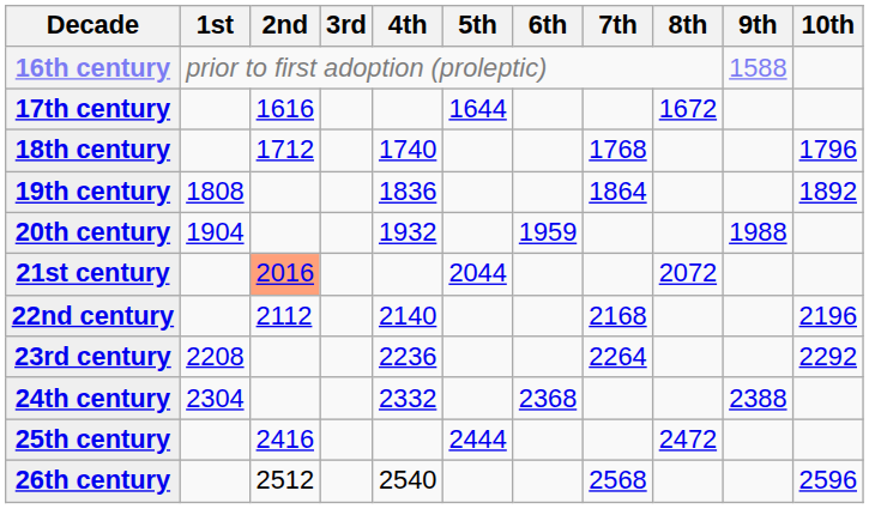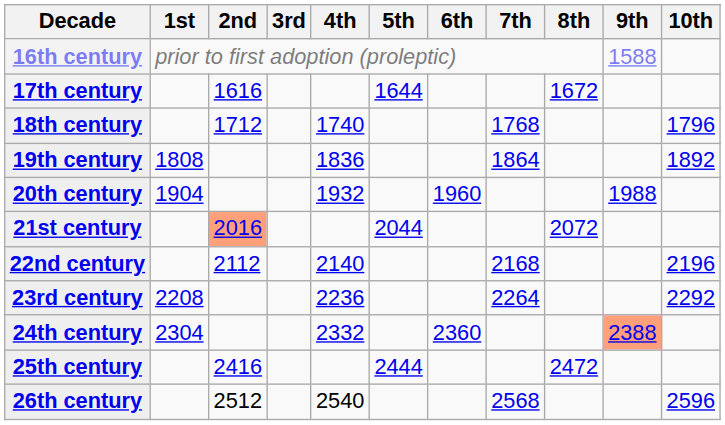 <table class="wikitable">
 <tr>
 <th scope=row>Decade</th>
 <th>1st</th>
 <th>2nd</th>
 <th>3rd</th>
 <th>4th</th>
 <th>5th</th>
 <th>6th</th>
 <th>7th</th>
 <th>8th</th>
 <th>9th</th>
 <th>10th</th>
 </tr>
 <tr style="opacity: 0.5;">
 <th style="background-color:#efefef;"><a href='#'>16th century</a></th>
 <td colspan="8"><em>prior to first adoption (proleptic)</em></td>
 <td><a href='#'>1588</a></td>
 <td></td>
 </tr>
 <tr>
 <th><a href='#'>17th century</a></th>
 <td></td>
 <td><a href='#'>1616</a></td>
 <td></td>
 <td></td>
 <td><a href='#'>1644</a></td>
 <td></td>
 <td></td>
 <td><a href='#'>1672</a></td>
 <td></td>
 <td></td>
 </tr>
 <tr>
 <th style="background-color:#efefef;"><a href='#'>18th century</a></th>
 <td></td>
 <td><a href='#'>1712</a></td>
 <td></td>
 <td><a href='#'>1740</a></td>
 <td></td>
 <td></td>
 <td><a href='#'>1768</a></td>
 <td></td>
 <td></td>
 <td><a href='#'>1796</a></td>
 </tr>
 <tr>
 <th style="background-color:#efefef;"><a href='#'>19th century</a></th>
 <td><a href='#'>1808</a></td>
 <td></td>
 <td></td>
 <td><a href='#'>1836</a></td>
 <td></td>
 <td></td>
 <td><a href='#'>1864</a></td>
 <td></td>
 <td></td>
 <td><a href='#'>1892</a></td>
 </tr>
 <tr>
 <th style="background-color:#efefef;"><a href='#'>20th century</a></th>
 <td><a href='#'>1904</a></td>
 <td></td>
 <td></td>
 <td><a href='#'>1932</a></td>
 <td></td>
-<td><a href='#'>1959</a></td>
+<td><a href='#'>1960</a></td>
 <td></td>
 <td></td>
 <td><a href='#'>1988</a></td>
 <td></td>
 </tr>
 <tr>
 <th style="background-color:#efefef;"><a href='#'>21st century</a></th>
 <td></td>
 <td style="background: lightsalmon;"><a href='#'>2016</a></td>
 <td></td>
 <td></td>
 <td><a href='#'>2044</a></td>
 <td></td>
 <td></td>
 <td><a href='#'>2072</a></td>
 <td></td>
 <td></td>
 </tr>
 <tr>
 <th style="background-color:#efefef;"><a href='#'>22nd century</a></th>
 <td></td>
 <td><a href='#'>2112</a></td>
 <td></td>
 <td><a href='#'>2140</a></td>
 <td></td>
 <td></td>
 <td><a href='#'>2168</a></td>
 <td></td>
 <td></td>
 <td><a href='#'>2196</a></td>
 </tr>
 <tr>
 <th style="background-color:#efefef;"><a href='#'>23rd century</a></th>
 <td><a href='#'>2208</a></td>
 <td></td>
 <td></td>
 <td><a href='#'>2236</a></td>
 <td></td>
 <td></td>
 <td><a href='#'>2264</a></td>
 <td></td>
 <td></td>
 <td><a href='#'>2292</a></td>
 </tr>
 <tr>
 <th style="background-color:#efefef;"><a href='#'>24th century</a></th>
 <td><a href='#'>2304</a></td>
 <td></td>
 <td></td>
 <td><a href='#'>2332</a></td>
 <td></td>
-<td><a href='#'>2368</a></td>
+<td><a href='#'>2360</a></td>
 <td></td>
 <td></td>
-<td><a href='#'>2388</a></td>
+<td style="background: lightsalmon;"><a href='#'>2388</a></td>
 <td></td>
 </tr>
 <tr>
 <th style="background-color:#efefef;"><a href='#'>25th century</a></th>
 <td></td>
 <td><a href='#'>2416</a></td>
 <td></td>
 <td></td>
 <td><a href='#'>2444</a></td>
 <td></td>
 <td></td>
 <td><a href='#'>2472</a></td>
 <td></td>
 <td></td>
 </tr>
 <tr>
 <th style="background-color:#efefef;"><a href='#'>26th century</a></th>
 <td></td>
 <td>2512</td>
 <td></td>
 <td>2540</td>
 <td></td>
 <td></td>
 <td><a href='#'>2568</a></td>
 <td></td>
 <td></td>
 <td><a href='#'>2596</a></td>
 </tr>
 </table>
